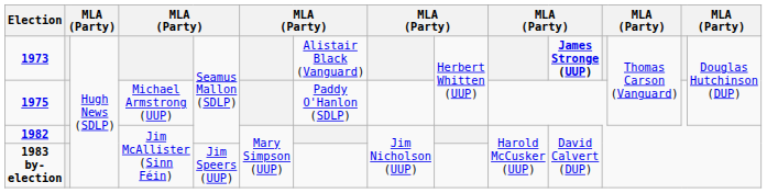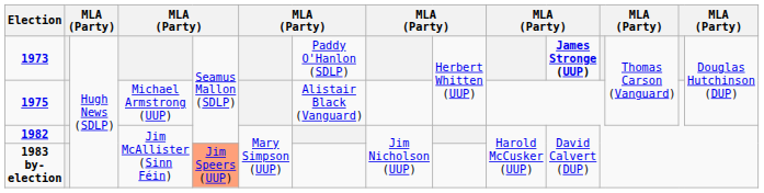 <table class="wikitable" style="text-align:center">
 <tr>
 <th>Election</th>
 <th scope="col" width="150" colspan = "2">MLA<br> (Party)</th>
 <th scope="col" width="150" colspan = "2">MLA<br> (Party)</th>
 <th scope="col" width="150" colspan = "2">MLA<br> (Party)</th>
 <th scope="col" width="150" colspan = "2">MLA<br> (Party)</th>
 <th scope="col" width="150" colspan = "2">MLA<br> (Party)</th>
 <th scope="col" width="150" colspan = "2">MLA<br> (Party)</th>
 <th scope="col" width="150" colspan = "2">MLA<br> (Party)</th>
 </tr>
 <tr>
 <td><strong><a href='#'>1973</a></strong></td>
 <th style="background-color: "></th>
 <td rowspan=4><a href='#'>Hugh News</a><br>(<a href='#'>SDLP</a>)</td>
 <th style="background-color: "></th>
 <td rowspan=3><a href='#'>Seamus Mallon</a><br>(<a href='#'>SDLP</a>)</td>
 <th style="background-color: "></th>
-<td><a href='#'>Alistair Black</a><br>(<a href='#'>Vanguard</a>)</td>
+<td><a href='#'>Paddy O'Hanlon</a><br>(<a href='#'>SDLP</a>)</td>
 <th style="background-color: "></th>
 <td rowspan=2><a href='#'>Herbert Whitten</a><br>(<a href='#'>UUP</a>)</td>
 <th style="background-color: "></th>
 <td><strong><a href='#'>James Stronge</a><br>(<a href='#'>UUP</a>)</strong></td>
 <th style="background-color: "></th>
 <td rowspan=2><a href='#'>Thomas Carson</a><br>(<a href='#'>Vanguard</a>)</td>
 <th style="background-color: "></th>
 <td rowspan=2><a href='#'>Douglas Hutchinson</a><br>(<a href='#'>DUP</a>)</td>
 </tr>
 <tr>
 <td><strong><a href='#'>1975</a></strong></td>
 <th style="background-color: "></th>
 <td><a href='#'>Michael Armstrong</a><br>(<a href='#'>UUP</a>)</td>
 <th style="background-color: "></th>
-<td><a href='#'>Paddy O'Hanlon</a><br>(<a href='#'>SDLP</a>)</td>
+<td><a href='#'>Alistair Black</a><br>(<a href='#'>Vanguard</a>)</td>
 </tr>
 <tr>
 <td><strong><a href='#'>1982</a></strong></td>
 <th style="background-color: "></th>
 <td rowspan=2><a href='#'>Jim McAllister</a><br>(<a href='#'>Sinn Féin</a>)</td>
 <td rowspan=2><a href='#'>Mary Simpson</a><br>(<a href='#'>UUP</a>)</td>
 <th style="background-color: "></th>
 <td rowspan=2><a href='#'>Jim Nicholson</a><br>(<a href='#'>UUP</a>)</td>
 <th style="background-color: "></th>
 <td rowspan=2><a href='#'>Harold McCusker</a><br>(<a href='#'>UUP</a>)</td>
 <td rowspan=2><a href='#'>David Calvert</a><br>(<a href='#'>DUP</a>)</td>
 </tr>
 <tr>
 <td><strong>1983<br>by-election</strong></td>
 <th style="background-color: "></th>
-<td><a href='#'>Jim Speers</a><br>(<a href='#'>UUP</a>)</td>
+<td style="background: lightsalmon;"><a href='#'>Jim Speers</a><br>(<a href='#'>UUP</a>)</td>
 </tr>
 </table>
